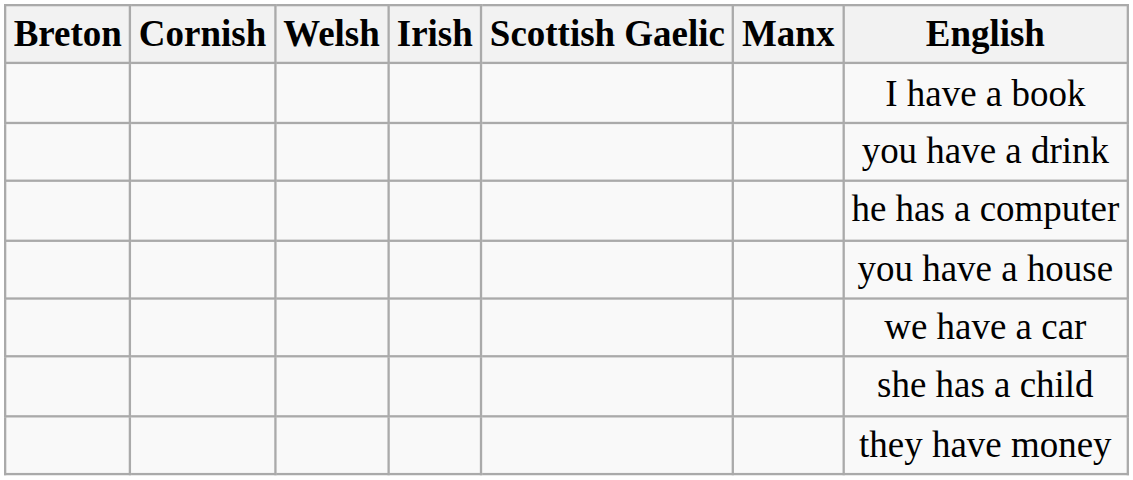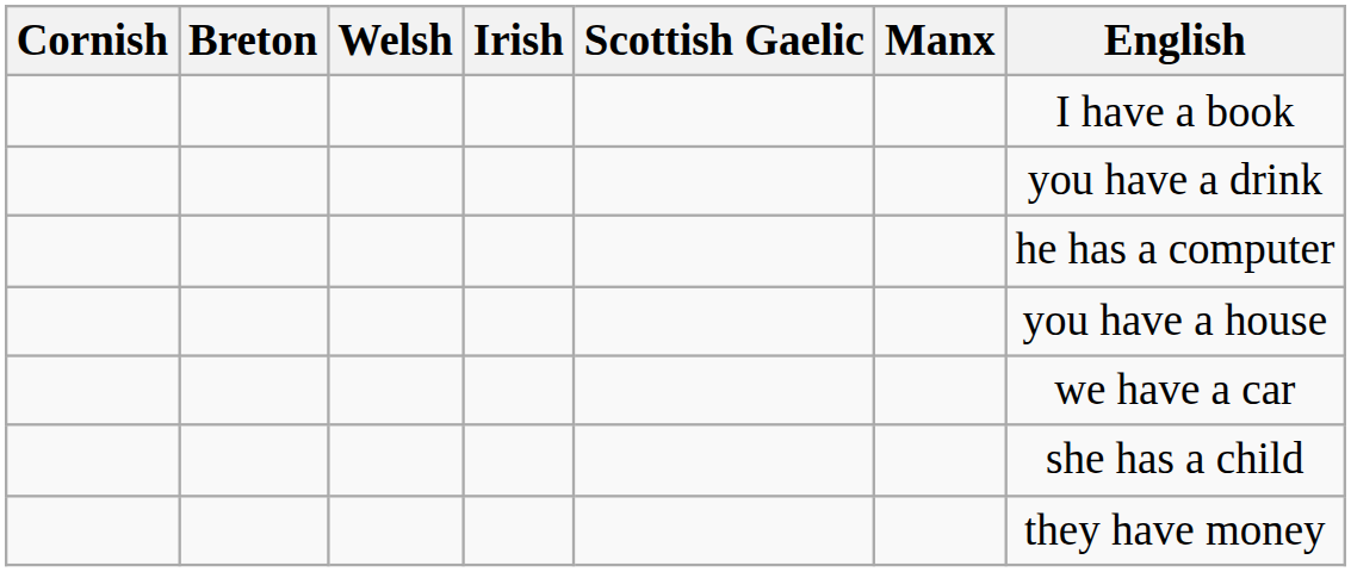 <table class="wikitable" style="text-align: center;">
 <tr>
+<th>Cornish</th>
 <th>Breton</th>
-<th>Cornish</th>
 <th>Welsh</th>
 <th>Irish</th>
 <th>Scottish Gaelic</th>
 <th>Manx</th>
 <th>English</th>
 </tr>
 <tr>
 <td></td>
 <td></td>
 <td></td>
 <td></td>
 <td></td>
 <td></td>
 <td>I have a book</td>
 </tr>
 <tr>
 <td></td>
 <td></td>
 <td></td>
 <td></td>
 <td></td>
 <td></td>
 <td>you have a drink</td>
 </tr>
 <tr>
 <td></td>
 <td></td>
 <td></td>
 <td></td>
 <td></td>
 <td></td>
 <td>he has a computer</td>
 </tr>
 <tr>
 <td></td>
 <td></td>
 <td></td>
 <td></td>
 <td></td>
 <td></td>
 <td>you have a house</td>
 </tr>
 <tr>
 <td></td>
 <td></td>
 <td></td>
 <td></td>
 <td></td>
 <td></td>
 <td>we have a car</td>
 </tr>
 <tr>
 <td></td>
 <td></td>
 <td></td>
 <td></td>
 <td></td>
 <td></td>
 <td>she has a child</td>
 </tr>
 <tr>
 <td></td>
 <td></td>
 <td></td>
 <td></td>
 <td></td>
 <td></td>
 <td>they have money</td>
 </tr>
 </table>
